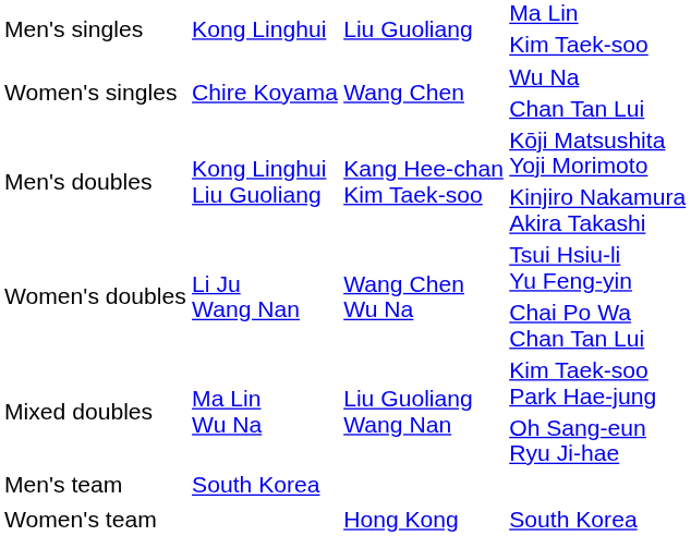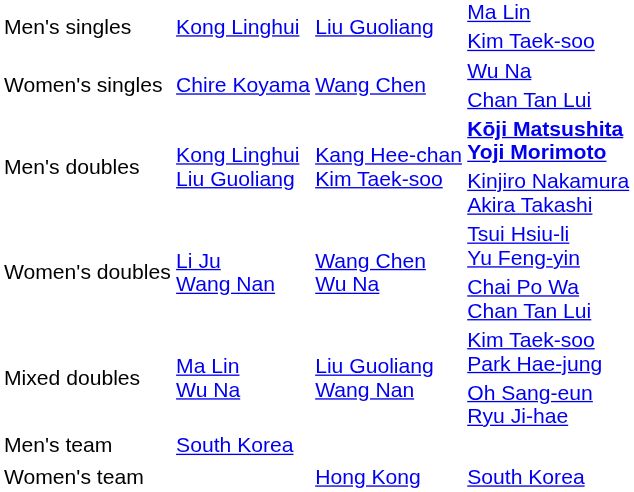 <table>
 <tr>
 <td rowspan=2>Men's singles <br></td>
 <td rowspan=2> <a href='#'>Kong Linghui</a></td>
 <td rowspan=2> <a href='#'>Liu Guoliang</a></td>
 <td> <a href='#'>Ma Lin</a></td>
 </tr>
 <tr>
 <td> <a href='#'>Kim Taek-soo</a></td>
 </tr>
 <tr>
 <td rowspan=2>Women's singles <br></td>
 <td rowspan=2> <a href='#'>Chire Koyama</a></td>
 <td rowspan=2> <a href='#'>Wang Chen</a></td>
 <td> <a href='#'>Wu Na</a></td>
 </tr>
 <tr>
 <td> <a href='#'>Chan Tan Lui</a></td>
 </tr>
 <tr>
 <td rowspan=2>Men's doubles <br></td>
 <td rowspan=2> <a href='#'>Kong Linghui</a><br> <a href='#'>Liu Guoliang</a></td>
 <td rowspan=2> <a href='#'>Kang Hee-chan</a><br> <a href='#'>Kim Taek-soo</a></td>
-<td> <a href='#'>Kōji Matsushita</a><br> <a href='#'>Yoji Morimoto</a></td>
+<td><strong> <a href='#'>Kōji Matsushita</a><br> <a href='#'>Yoji Morimoto</a></strong></td>
 </tr>
 <tr>
 <td> <a href='#'>Kinjiro Nakamura</a><br> <a href='#'>Akira Takashi</a></td>
 </tr>
 <tr>
 <td rowspan=2>Women's doubles <br></td>
 <td rowspan=2> <a href='#'>Li Ju</a><br> <a href='#'>Wang Nan</a></td>
 <td rowspan=2> <a href='#'>Wang Chen</a><br> <a href='#'>Wu Na</a></td>
 <td> <a href='#'>Tsui Hsiu-li</a><br>  <a href='#'>Yu Feng-yin</a></td>
 </tr>
 <tr>
 <td> <a href='#'>Chai Po Wa</a><br> <a href='#'>Chan Tan Lui</a></td>
 </tr>
 <tr>
 <td rowspan=2>Mixed doubles <br></td>
 <td rowspan=2> <a href='#'>Ma Lin</a><br> <a href='#'>Wu Na</a></td>
 <td rowspan=2> <a href='#'>Liu Guoliang</a><br> <a href='#'>Wang Nan</a></td>
 <td> <a href='#'>Kim Taek-soo</a><br> <a href='#'>Park Hae-jung</a></td>
 </tr>
 <tr>
 <td> <a href='#'>Oh Sang-eun</a><br> <a href='#'>Ryu Ji-hae</a></td>
 </tr>
 <tr>
 <td rowspan=1>Men's team <br></td>
 <td rowspan=1> <a href='#'>South Korea</a></td>
 <td rowspan=1></td>
 <td></td>
 </tr>
 <tr>
 </tr>
 <tr>
 <td rowspan=1>Women's team <br></td>
 <td rowspan=1></td>
 <td rowspan=1> <a href='#'>Hong Kong</a></td>
 <td> <a href='#'>South Korea</a></td>
 </tr>
 <tr>
 </tr>
 </table>
